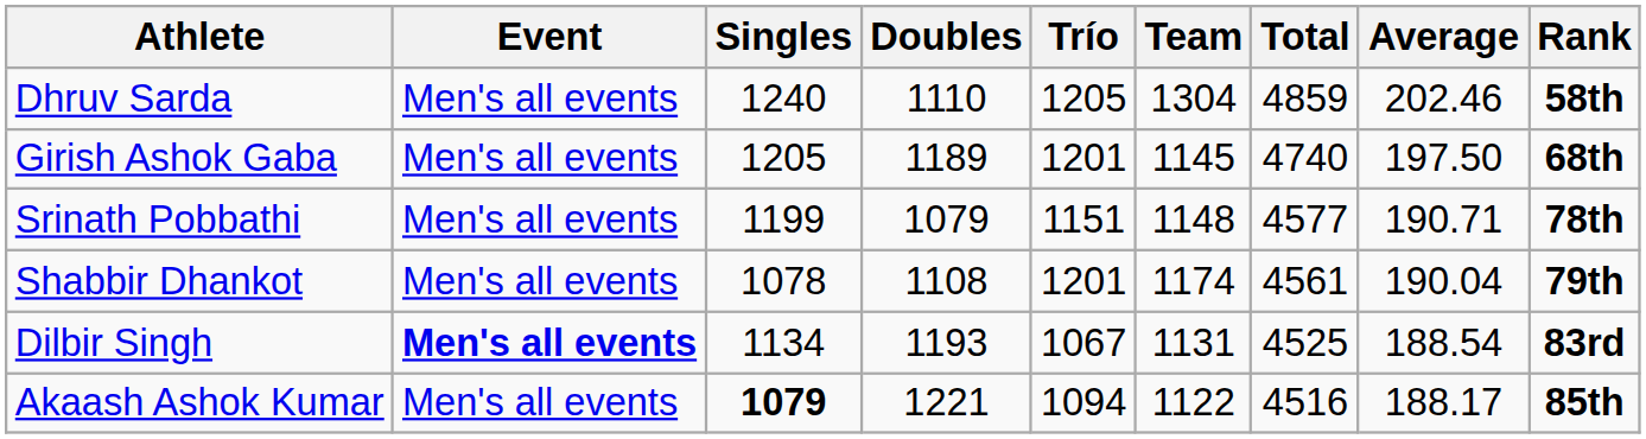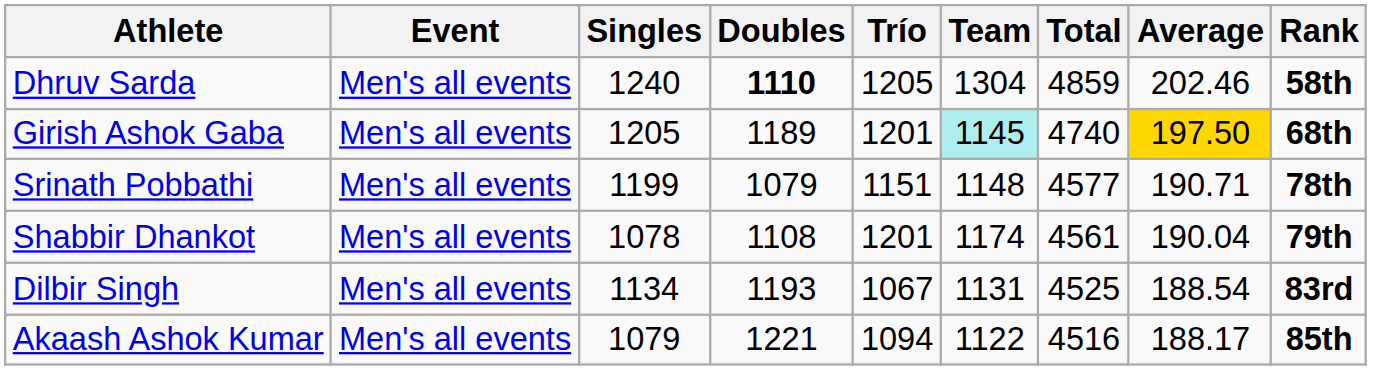 <table class="wikitable" border="1" style="font-size:90%">
 <tr>
 <th>Athlete</th>
 <th>Event</th>
 <th>Singles</th>
 <th>Doubles</th>
 <th>Trío</th>
 <th>Team</th>
 <th>Total</th>
 <th>Average</th>
 <th>Rank</th>
 </tr>
 <tr>
 <td><a href='#'>Dhruv Sarda</a></td>
 <td><a href='#'>Men's all events</a></td>
 <td align=center>1240</td>
-<td align=center>1110</td>
+<td align=center><strong>1110</strong></td>
 <td align=center>1205</td>
 <td align=center>1304</td>
 <td align=center>4859</td>
 <td align=center>202.46</td>
 <td align=center><strong>58th</strong></td>
 </tr>
 <tr>
 <td><a href='#'>Girish Ashok Gaba</a></td>
 <td><a href='#'>Men's all events</a></td>
 <td align=center>1205</td>
 <td align=center>1189</td>
 <td align=center>1201</td>
-<td align=center>1145</td>
+<td align=center style="background: paleturquoise;">1145</td>
 <td align=center>4740</td>
-<td align=center>197.50</td>
+<td align=center style="background: gold;">197.50</td>
 <td align=center><strong>68th</strong></td>
 </tr>
 <tr>
 <td><a href='#'>Srinath Pobbathi</a></td>
 <td><a href='#'>Men's all events</a></td>
 <td align=center>1199</td>
 <td align=center>1079</td>
 <td align=center>1151</td>
 <td align=center>1148</td>
 <td align=center>4577</td>
 <td align=center>190.71</td>
 <td align=center><strong>78th</strong></td>
 </tr>
 <tr>
 <td><a href='#'>Shabbir Dhankot</a></td>
 <td><a href='#'>Men's all events</a></td>
 <td align=center>1078</td>
 <td align=center>1108</td>
 <td align=center>1201</td>
 <td align=center>1174</td>
 <td align=center>4561</td>
 <td align=center>190.04</td>
 <td align=center><strong>79th</strong></td>
 </tr>
 <tr>
 <td><a href='#'>Dilbir Singh</a></td>
-<td><strong><a href='#'>Men's all events</a></strong></td>
+<td><a href='#'>Men's all events</a></td>
 <td align=center>1134</td>
 <td align=center>1193</td>
 <td align=center>1067</td>
 <td align=center>1131</td>
 <td align=center>4525</td>
 <td align=center>188.54</td>
 <td align=center><strong>83rd</strong></td>
 </tr>
 <tr>
 <td><a href='#'>Akaash Ashok Kumar</a></td>
 <td><a href='#'>Men's all events</a></td>
-<td align=center><strong>1079</strong></td>
+<td align=center>1079</td>
 <td align=center>1221</td>
 <td align=center>1094</td>
 <td align=center>1122</td>
 <td align=center>4516</td>
 <td align=center>188.17</td>
 <td align=center><strong>85th</strong></td>
 </tr>
 </table>
